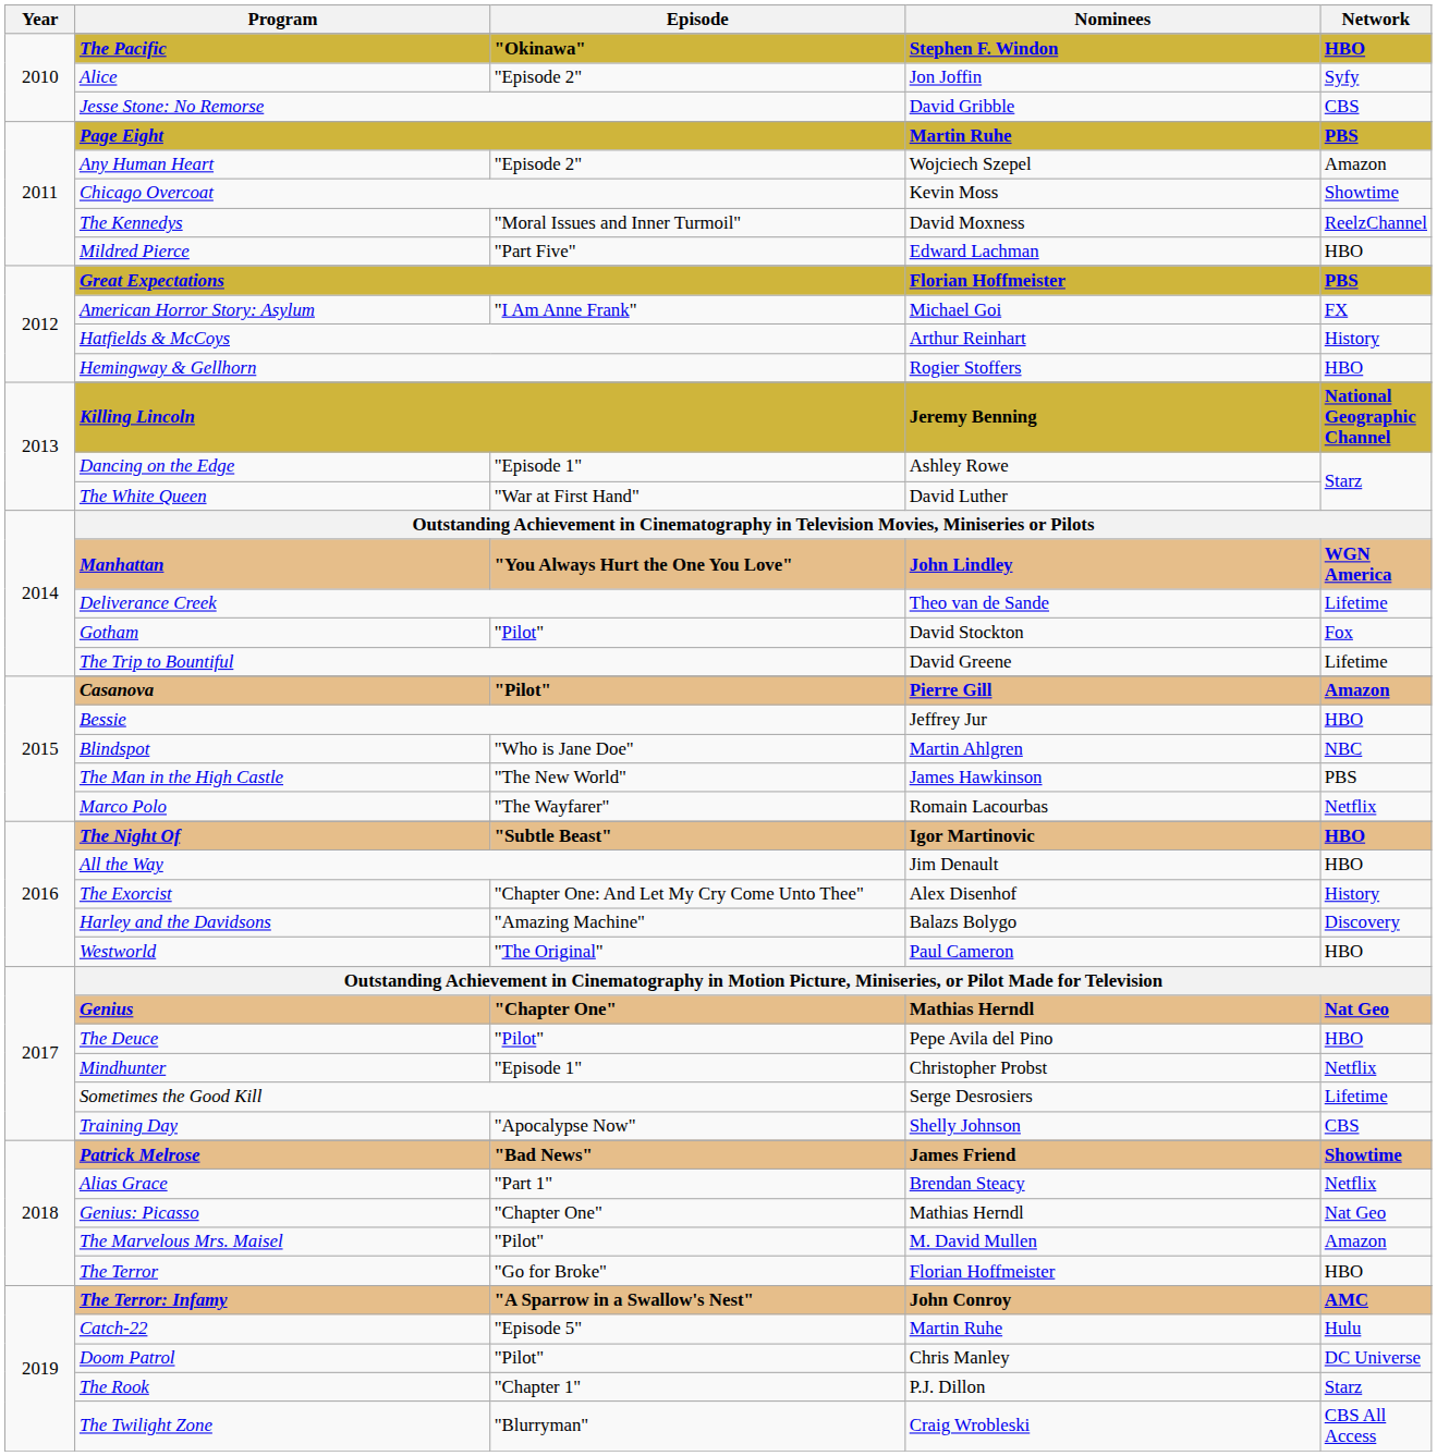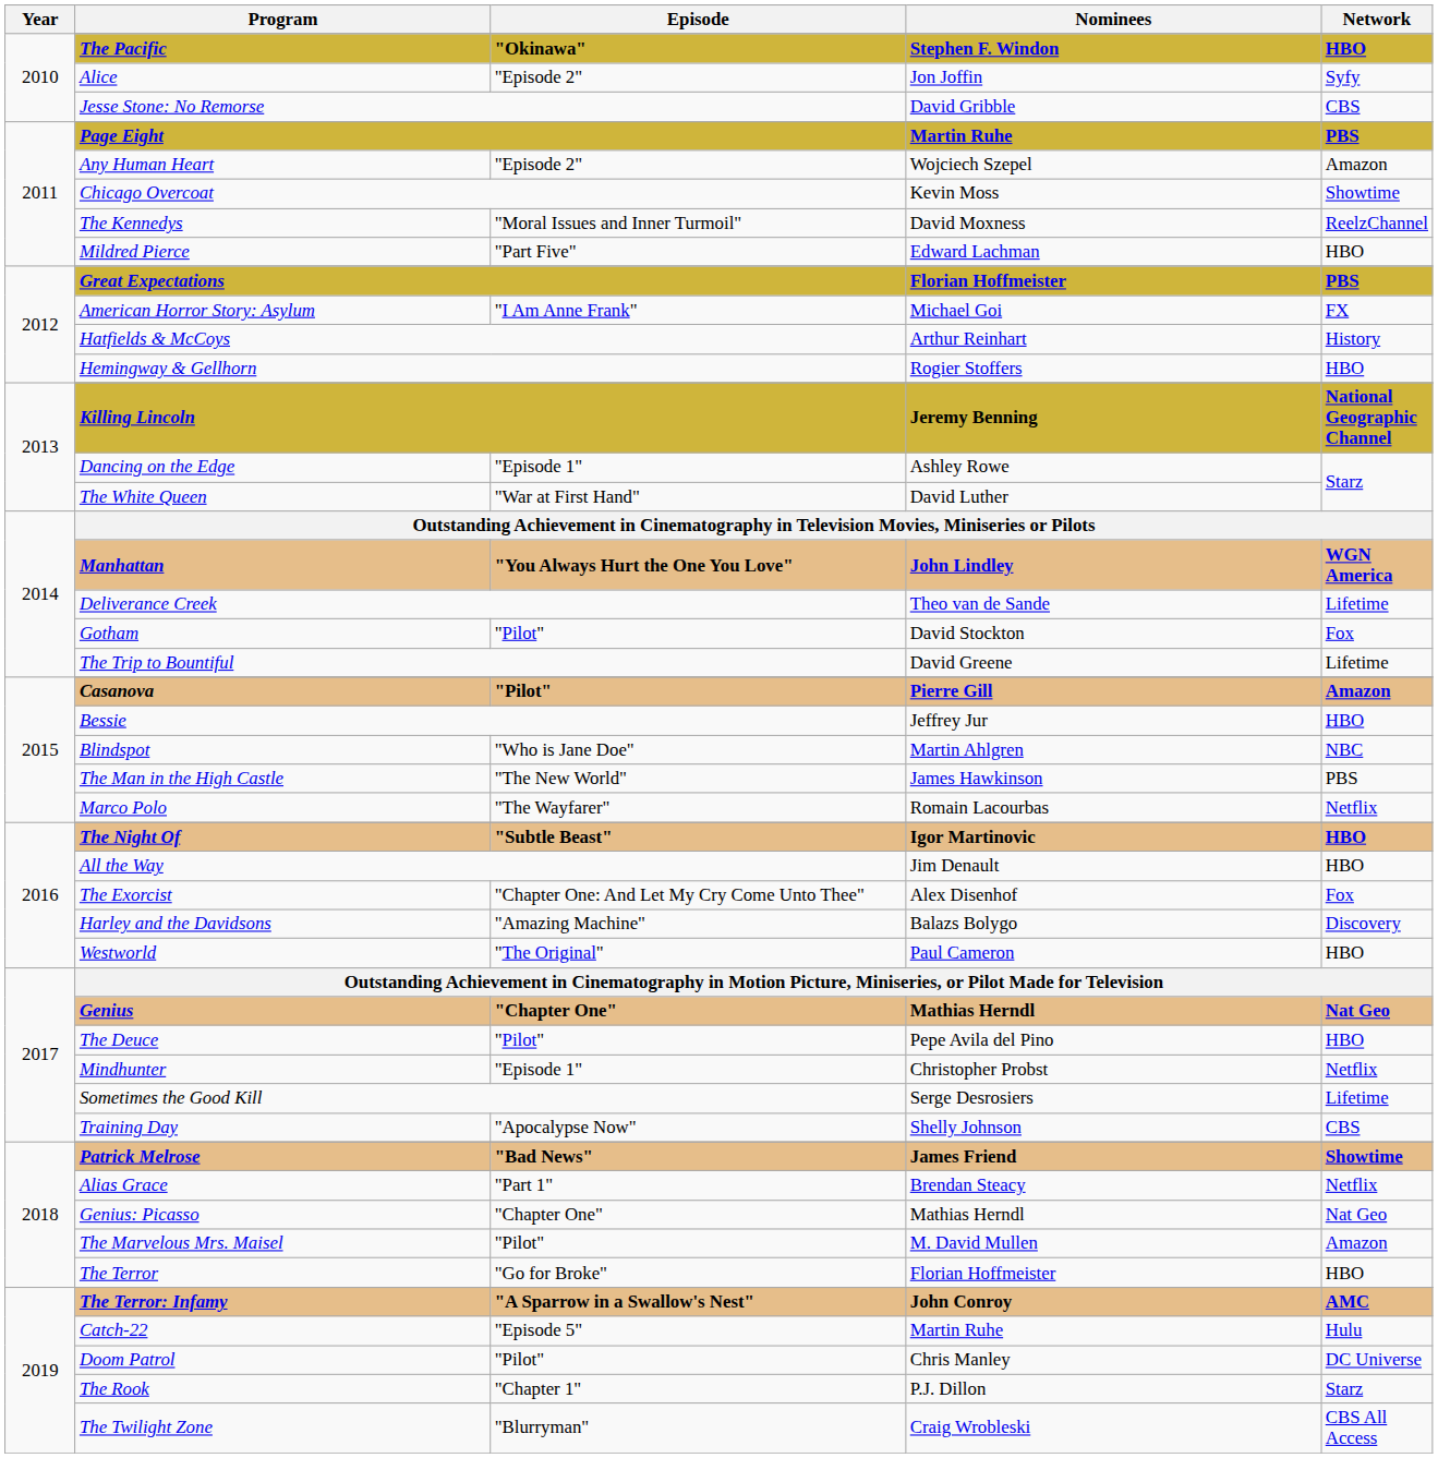 <table class="wikitable">
 <tr>
 <th width="5%">Year</th>
 <th width="30%">Program</th>
 <th width="30%">Episode</th>
 <th width="30%">Nominees</th>
 <th width="5%">Network</th>
 </tr>
 <tr>
 <td rowspan="4" style="text-align:center;">2010<br></td>
 </tr>
 <tr style="background:#CFB53B;">
 <td><strong><em><a href='#'>The Pacific</a></em></strong></td>
 <td><strong>"Okinawa"</strong></td>
 <td><strong><a href='#'>Stephen F. Windon</a></strong></td>
 <td><strong><a href='#'>HBO</a></strong></td>
 </tr>
 <tr>
 <td><em><a href='#'>Alice</a></em></td>
 <td>"Episode 2"</td>
 <td><a href='#'>Jon Joffin</a></td>
 <td><a href='#'>Syfy</a></td>
 </tr>
 <tr>
 <td colspan="2"><em><a href='#'>Jesse Stone: No Remorse</a></em></td>
 <td><a href='#'>David Gribble</a></td>
 <td><a href='#'>CBS</a></td>
 </tr>
 <tr>
 <td rowspan="6" style="text-align:center;">2011<br></td>
 </tr>
 <tr style="background:#CFB53B;">
 <td colspan="2"><strong><em><a href='#'>Page Eight</a></em></strong></td>
 <td><strong><a href='#'>Martin Ruhe</a></strong></td>
 <td><strong><a href='#'>PBS</a></strong></td>
 </tr>
 <tr>
 <td><em><a href='#'>Any Human Heart</a></em></td>
 <td>"Episode 2"</td>
 <td>Wojciech Szepel</td>
 <td>Amazon</td>
 </tr>
 <tr>
 <td colspan="2"><em><a href='#'>Chicago Overcoat</a></em></td>
 <td>Kevin Moss</td>
 <td><a href='#'>Showtime</a></td>
 </tr>
 <tr>
 <td><em><a href='#'>The Kennedys</a></em></td>
 <td>"Moral Issues and Inner Turmoil"</td>
 <td>David Moxness</td>
 <td><a href='#'>ReelzChannel</a></td>
 </tr>
 <tr>
 <td><em><a href='#'>Mildred Pierce</a></em></td>
 <td>"Part Five"</td>
 <td><a href='#'>Edward Lachman</a></td>
 <td>HBO</td>
 </tr>
 <tr>
 <td rowspan="5" style="text-align:center;">2012<br></td>
 </tr>
 <tr style="background:#CFB53B;">
 <td colspan="2"><strong><em><a href='#'>Great Expectations</a></em></strong></td>
 <td><strong><a href='#'>Florian Hoffmeister</a></strong></td>
 <td><strong><a href='#'>PBS</a></strong></td>
 </tr>
 <tr>
 <td><em><a href='#'>American Horror Story: Asylum</a></em></td>
 <td>"<a href='#'>I Am Anne Frank</a>"</td>
 <td><a href='#'>Michael Goi</a></td>
 <td><a href='#'>FX</a></td>
 </tr>
 <tr>
 <td colspan="2"><em><a href='#'>Hatfields & McCoys</a></em></td>
 <td><a href='#'>Arthur Reinhart</a></td>
 <td><a href='#'>History</a></td>
 </tr>
 <tr>
 <td colspan="2"><em><a href='#'>Hemingway & Gellhorn</a></em></td>
 <td><a href='#'>Rogier Stoffers</a></td>
 <td><a href='#'>HBO</a></td>
 </tr>
 <tr>
 <td rowspan="4" style="text-align:center;">2013<br></td>
 </tr>
 <tr style="background:#CFB53B;">
 <td colspan="2"><strong><em><a href='#'>Killing Lincoln</a></em></strong></td>
 <td><strong>Jeremy Benning</strong></td>
 <td><strong><a href='#'>National Geographic Channel</a></strong></td>
 </tr>
 <tr>
 <td><em><a href='#'>Dancing on the Edge</a></em></td>
 <td>"Episode 1"</td>
 <td>Ashley Rowe</td>
 <td rowspan="2"><a href='#'>Starz</a></td>
 </tr>
 <tr>
 <td><em><a href='#'>The White Queen</a></em></td>
 <td>"War at First Hand"</td>
 <td>David Luther</td>
 </tr>
 <tr>
 <td rowspan="5" style="text-align:center;">2014<br></td>
 <th colspan="4">Outstanding Achievement in Cinematography in Television Movies, Miniseries or Pilots</th>
 </tr>
 <tr style="background:#E6BE8A;">
 <td><strong><em><a href='#'>Manhattan</a></em></strong></td>
 <td><strong>"You Always Hurt the One You Love"</strong></td>
 <td><strong><a href='#'>John Lindley</a></strong></td>
 <td><strong><a href='#'>WGN America</a></strong></td>
 </tr>
 <tr>
 <td colspan="2"><em><a href='#'>Deliverance Creek</a></em></td>
 <td><a href='#'>Theo van de Sande</a></td>
 <td><a href='#'>Lifetime</a></td>
 </tr>
 <tr>
 <td><em><a href='#'>Gotham</a></em></td>
 <td>"<a href='#'>Pilot</a>"</td>
 <td>David Stockton</td>
 <td><a href='#'>Fox</a></td>
 </tr>
 <tr>
 <td colspan="2"><em><a href='#'>The Trip to Bountiful</a></em></td>
 <td>David Greene</td>
 <td>Lifetime</td>
 </tr>
 <tr>
 <td rowspan="6" style="text-align:center;">2015<br></td>
 </tr>
 <tr style="background:#E6BE8A;">
 <td><strong><em>Casanova</em></strong></td>
 <td><strong>"Pilot"</strong></td>
 <td><strong><a href='#'>Pierre Gill</a></strong></td>
 <td><strong><a href='#'>Amazon</a></strong></td>
 </tr>
 <tr>
 <td colspan="2"><em><a href='#'>Bessie</a></em></td>
 <td>Jeffrey Jur</td>
 <td><a href='#'>HBO</a></td>
 </tr>
 <tr>
 <td><em><a href='#'>Blindspot</a></em></td>
 <td>"Who is Jane Doe"</td>
 <td><a href='#'>Martin Ahlgren</a></td>
 <td><a href='#'>NBC</a></td>
 </tr>
 <tr>
 <td><em><a href='#'>The Man in the High Castle</a></em></td>
 <td>"The New World"</td>
 <td><a href='#'>James Hawkinson</a></td>
 <td>PBS</td>
 </tr>
 <tr>
 <td><em><a href='#'>Marco Polo</a></em></td>
 <td>"The Wayfarer"</td>
 <td>Romain Lacourbas</td>
 <td><a href='#'>Netflix</a></td>
 </tr>
 <tr>
 <td rowspan="6" style="text-align:center;">2016<br></td>
 </tr>
 <tr style="background:#E6BE8A;">
 <td><strong><em><a href='#'>The Night Of</a></em></strong></td>
 <td><strong>"Subtle Beast"</strong></td>
 <td><strong>Igor Martinovic</strong></td>
 <td><strong><a href='#'>HBO</a></strong></td>
 </tr>
 <tr>
 <td colspan="2"><em><a href='#'>All the Way</a></em></td>
 <td>Jim Denault</td>
 <td>HBO</td>
 </tr>
 <tr>
 <td><em><a href='#'>The Exorcist</a></em></td>
 <td>"Chapter One: And Let My Cry Come Unto Thee"</td>
 <td>Alex Disenhof</td>
-<td><a href='#'>History</a></td>
+<td><a href='#'>Fox</a></td>
 </tr>
 <tr>
 <td><em><a href='#'>Harley and the Davidsons</a></em></td>
 <td>"Amazing Machine"</td>
 <td>Balazs Bolygo</td>
 <td><a href='#'>Discovery</a></td>
 </tr>
 <tr>
 <td><em><a href='#'>Westworld</a></em></td>
 <td>"<a href='#'>The Original</a>"</td>
 <td><a href='#'>Paul Cameron</a></td>
 <td>HBO</td>
 </tr>
 <tr>
 <td rowspan="6" style="text-align:center;">2017<br></td>
 <th colspan="4">Outstanding Achievement in Cinematography in Motion Picture, Miniseries, or Pilot Made for Television</th>
 </tr>
 <tr style="background:#E6BE8A;">
 <td><strong><em><a href='#'>Genius</a></em></strong></td>
 <td><strong>"Chapter One"</strong></td>
 <td><strong>Mathias Herndl</strong></td>
 <td><strong><a href='#'>Nat Geo</a></strong></td>
 </tr>
 <tr>
 <td><em><a href='#'>The Deuce</a></em></td>
 <td>"<a href='#'>Pilot</a>"</td>
 <td>Pepe Avila del Pino</td>
 <td><a href='#'>HBO</a></td>
 </tr>
 <tr>
 <td><em><a href='#'>Mindhunter</a></em></td>
 <td>"Episode 1"</td>
 <td>Christopher Probst</td>
 <td><a href='#'>Netflix</a></td>
 </tr>
 <tr>
 <td colspan="2"><em>Sometimes the Good Kill</em></td>
 <td>Serge Desrosiers</td>
 <td><a href='#'>Lifetime</a></td>
 </tr>
 <tr>
 <td><em><a href='#'>Training Day</a></em></td>
 <td>"Apocalypse Now"</td>
 <td><a href='#'>Shelly Johnson</a></td>
 <td><a href='#'>CBS</a></td>
 </tr>
 <tr>
 <td rowspan="6" style="text-align:center;">2018<br></td>
 </tr>
 <tr style="background:#E6BE8A;">
 <td><strong><em><a href='#'>Patrick Melrose</a></em></strong></td>
 <td><strong>"Bad News"</strong></td>
 <td><strong>James Friend</strong></td>
 <td><strong><a href='#'>Showtime</a></strong></td>
 </tr>
 <tr>
 <td><em><a href='#'>Alias Grace</a></em></td>
 <td>"Part 1"</td>
 <td><a href='#'>Brendan Steacy</a></td>
 <td><a href='#'>Netflix</a></td>
 </tr>
 <tr>
 <td><em><a href='#'>Genius: Picasso</a></em></td>
 <td>"Chapter One"</td>
 <td>Mathias Herndl</td>
 <td><a href='#'>Nat Geo</a></td>
 </tr>
 <tr>
 <td><em><a href='#'>The Marvelous Mrs. Maisel</a></em></td>
 <td>"Pilot"</td>
 <td><a href='#'>M. David Mullen</a></td>
 <td><a href='#'>Amazon</a></td>
 </tr>
 <tr>
 <td><em><a href='#'>The Terror</a></em></td>
 <td>"Go for Broke"</td>
 <td><a href='#'>Florian Hoffmeister</a></td>
 <td>HBO</td>
 </tr>
 <tr>
 <td rowspan="6" style="text-align:center;">2019<br></td>
 </tr>
 <tr style="background:#E6BE8A;">
 <td><strong><em><a href='#'>The Terror: Infamy</a></em></strong></td>
 <td><strong>"A Sparrow in a Swallow's Nest"</strong></td>
 <td><strong>John Conroy</strong></td>
 <td><strong><a href='#'>AMC</a></strong></td>
 </tr>
 <tr>
 <td><em><a href='#'>Catch-22</a></em></td>
 <td>"Episode 5"</td>
 <td><a href='#'>Martin Ruhe</a></td>
 <td><a href='#'>Hulu</a></td>
 </tr>
 <tr>
 <td><em><a href='#'>Doom Patrol</a></em></td>
 <td>"Pilot"</td>
 <td>Chris Manley</td>
 <td><a href='#'>DC Universe</a></td>
 </tr>
 <tr>
 <td><em><a href='#'>The Rook</a></em></td>
 <td>"Chapter 1"</td>
 <td>P.J. Dillon</td>
 <td><a href='#'>Starz</a></td>
 </tr>
 <tr>
 <td><em><a href='#'>The Twilight Zone</a></em></td>
 <td>"Blurryman"</td>
 <td><a href='#'>Craig Wrobleski</a></td>
 <td><a href='#'>CBS All Access</a></td>
 </tr>
 </table>
